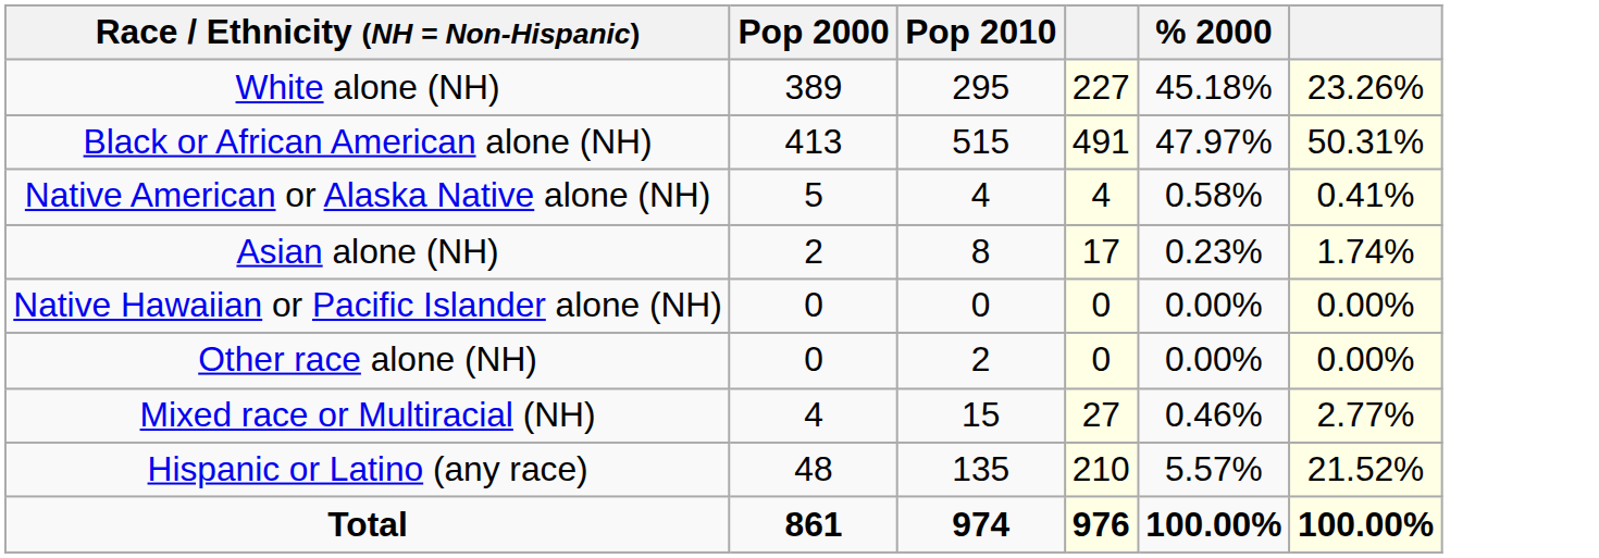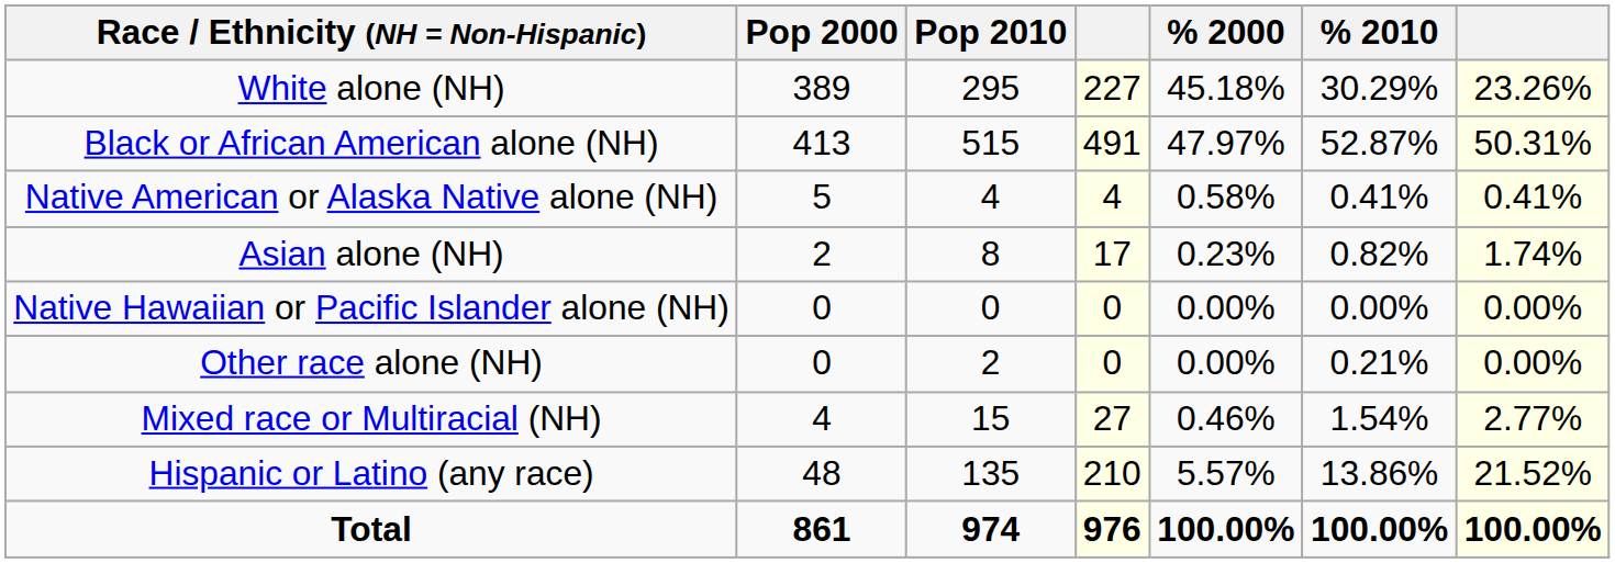 <table class="wikitable" style="text-align:center;">
 <tr>
 <th>Race / Ethnicity <small>(<em>NH = Non-Hispanic</em>)</small></th>
 <th>Pop 2000</th>
 <th>Pop 2010</th>
 <th></th>
 <th>% 2000</th>
+<th>% 2010</th>
 <th></th>
 </tr>
 <tr>
 <td><a href='#'>White</a> alone (NH)</td>
 <td>389</td>
 <td>295</td>
 <td style='background: #ffffe6;'>227</td>
 <td>45.18%</td>
+<td>30.29%</td>
 <td style='background: #ffffe6;'>23.26%</td>
 </tr>
 <tr>
 <td><a href='#'>Black or African American</a> alone (NH)</td>
 <td>413</td>
 <td>515</td>
 <td style='background: #ffffe6;'>491</td>
 <td>47.97%</td>
+<td>52.87%</td>
 <td style='background: #ffffe6;'>50.31%</td>
 </tr>
 <tr>
 <td><a href='#'>Native American</a> or <a href='#'>Alaska Native</a> alone (NH)</td>
 <td>5</td>
 <td>4</td>
 <td style='background: #ffffe6;'>4</td>
 <td>0.58%</td>
+<td>0.41%</td>
 <td style='background: #ffffe6;'>0.41%</td>
 </tr>
 <tr>
 <td><a href='#'>Asian</a> alone (NH)</td>
 <td>2</td>
 <td>8</td>
 <td style='background: #ffffe6;'>17</td>
 <td>0.23%</td>
+<td>0.82%</td>
 <td style='background: #ffffe6;'>1.74%</td>
 </tr>
 <tr>
 <td><a href='#'>Native Hawaiian</a> or <a href='#'>Pacific Islander</a> alone (NH)</td>
 <td>0</td>
 <td>0</td>
 <td style='background: #ffffe6;'>0</td>
+<td>0.00%</td>
 <td>0.00%</td>
 <td style='background: #ffffe6;'>0.00%</td>
 </tr>
 <tr>
 <td><a href='#'>Other race</a> alone (NH)</td>
 <td>0</td>
 <td>2</td>
 <td style='background: #ffffe6;'>0</td>
 <td>0.00%</td>
+<td>0.21%</td>
 <td style='background: #ffffe6;'>0.00%</td>
 </tr>
 <tr>
 <td><a href='#'>Mixed race or Multiracial</a> (NH)</td>
 <td>4</td>
 <td>15</td>
 <td style='background: #ffffe6;'>27</td>
 <td>0.46%</td>
+<td>1.54%</td>
 <td style='background: #ffffe6;'>2.77%</td>
 </tr>
 <tr>
 <td><a href='#'>Hispanic or Latino</a> (any race)</td>
 <td>48</td>
 <td>135</td>
 <td style='background: #ffffe6;'>210</td>
 <td>5.57%</td>
+<td>13.86%</td>
 <td style='background: #ffffe6;'>21.52%</td>
 </tr>
 <tr>
 <td><strong>Total</strong></td>
 <td><strong>861</strong></td>
 <td><strong>974</strong></td>
 <td style='background: #ffffe6;'><strong>976</strong></td>
 <td><strong>100.00%</strong></td>
+<td><strong>100.00%</strong></td>
 <td style='background: #ffffe6;'><strong>100.00%</strong></td>
 </tr>
 </table>
